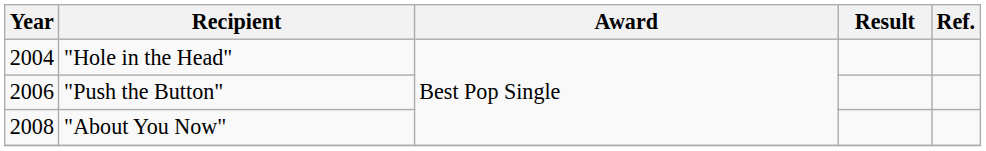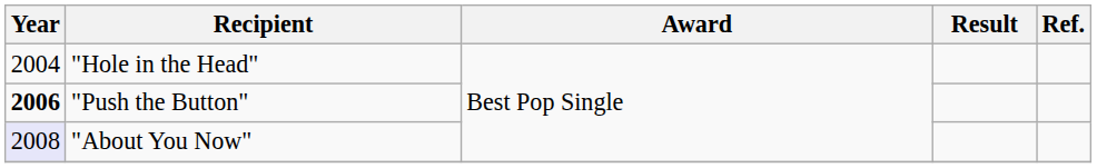 <table class="wikitable">
 <tr>
 <th>Year</th>
 <th width="250">Recipient</th>
 <th width="300">Award</th>
 <th width="60">Result</th>
 <th>Ref.</th>
 </tr>
 <tr>
 <td>2004</td>
 <td>"Hole in the Head"</td>
 <td rowspan="3">Best Pop Single</td>
 <td></td>
 <td align="center"></td>
 </tr>
 <tr>
-<td>2006</td>
+<td><strong>2006</strong></td>
 <td>"Push the Button"</td>
 <td></td>
 <td align="center"></td>
 </tr>
 <tr>
-<td>2008</td>
+<td style="background: lavender;">2008</td>
 <td>"About You Now"</td>
 <td></td>
 <td align="center"></td>
 </tr>
 <tr>
 </tr>
 </table>
